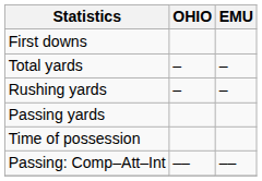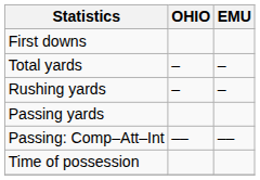 <table class="wikitable" style="float: left;">
 <tr>
 <th>Statistics</th>
 <th>OHIO</th>
 <th>EMU</th>
 </tr>
 <tr>
 <td>First downs</td>
 <td></td>
 <td></td>
 </tr>
 <tr>
 <td>Total yards</td>
 <td>–</td>
 <td>–</td>
 </tr>
 <tr>
 <td>Rushing yards</td>
 <td>–</td>
 <td>–</td>
 </tr>
 <tr>
 <td>Passing yards</td>
 <td></td>
 <td></td>
 </tr>
 <tr>
+<td>Passing: Comp–Att–Int</td>
+<td>––</td>
+<td>––</td>
+</tr>
+<tr>
 <td>Time of possession</td>
 <td></td>
 <td></td>
 </tr>
 <tr>
-<td>Passing: Comp–Att–Int</td>
-<td>––</td>
-<td>––</td>
-</tr>
-<tr>
 </tr>
 </table>
